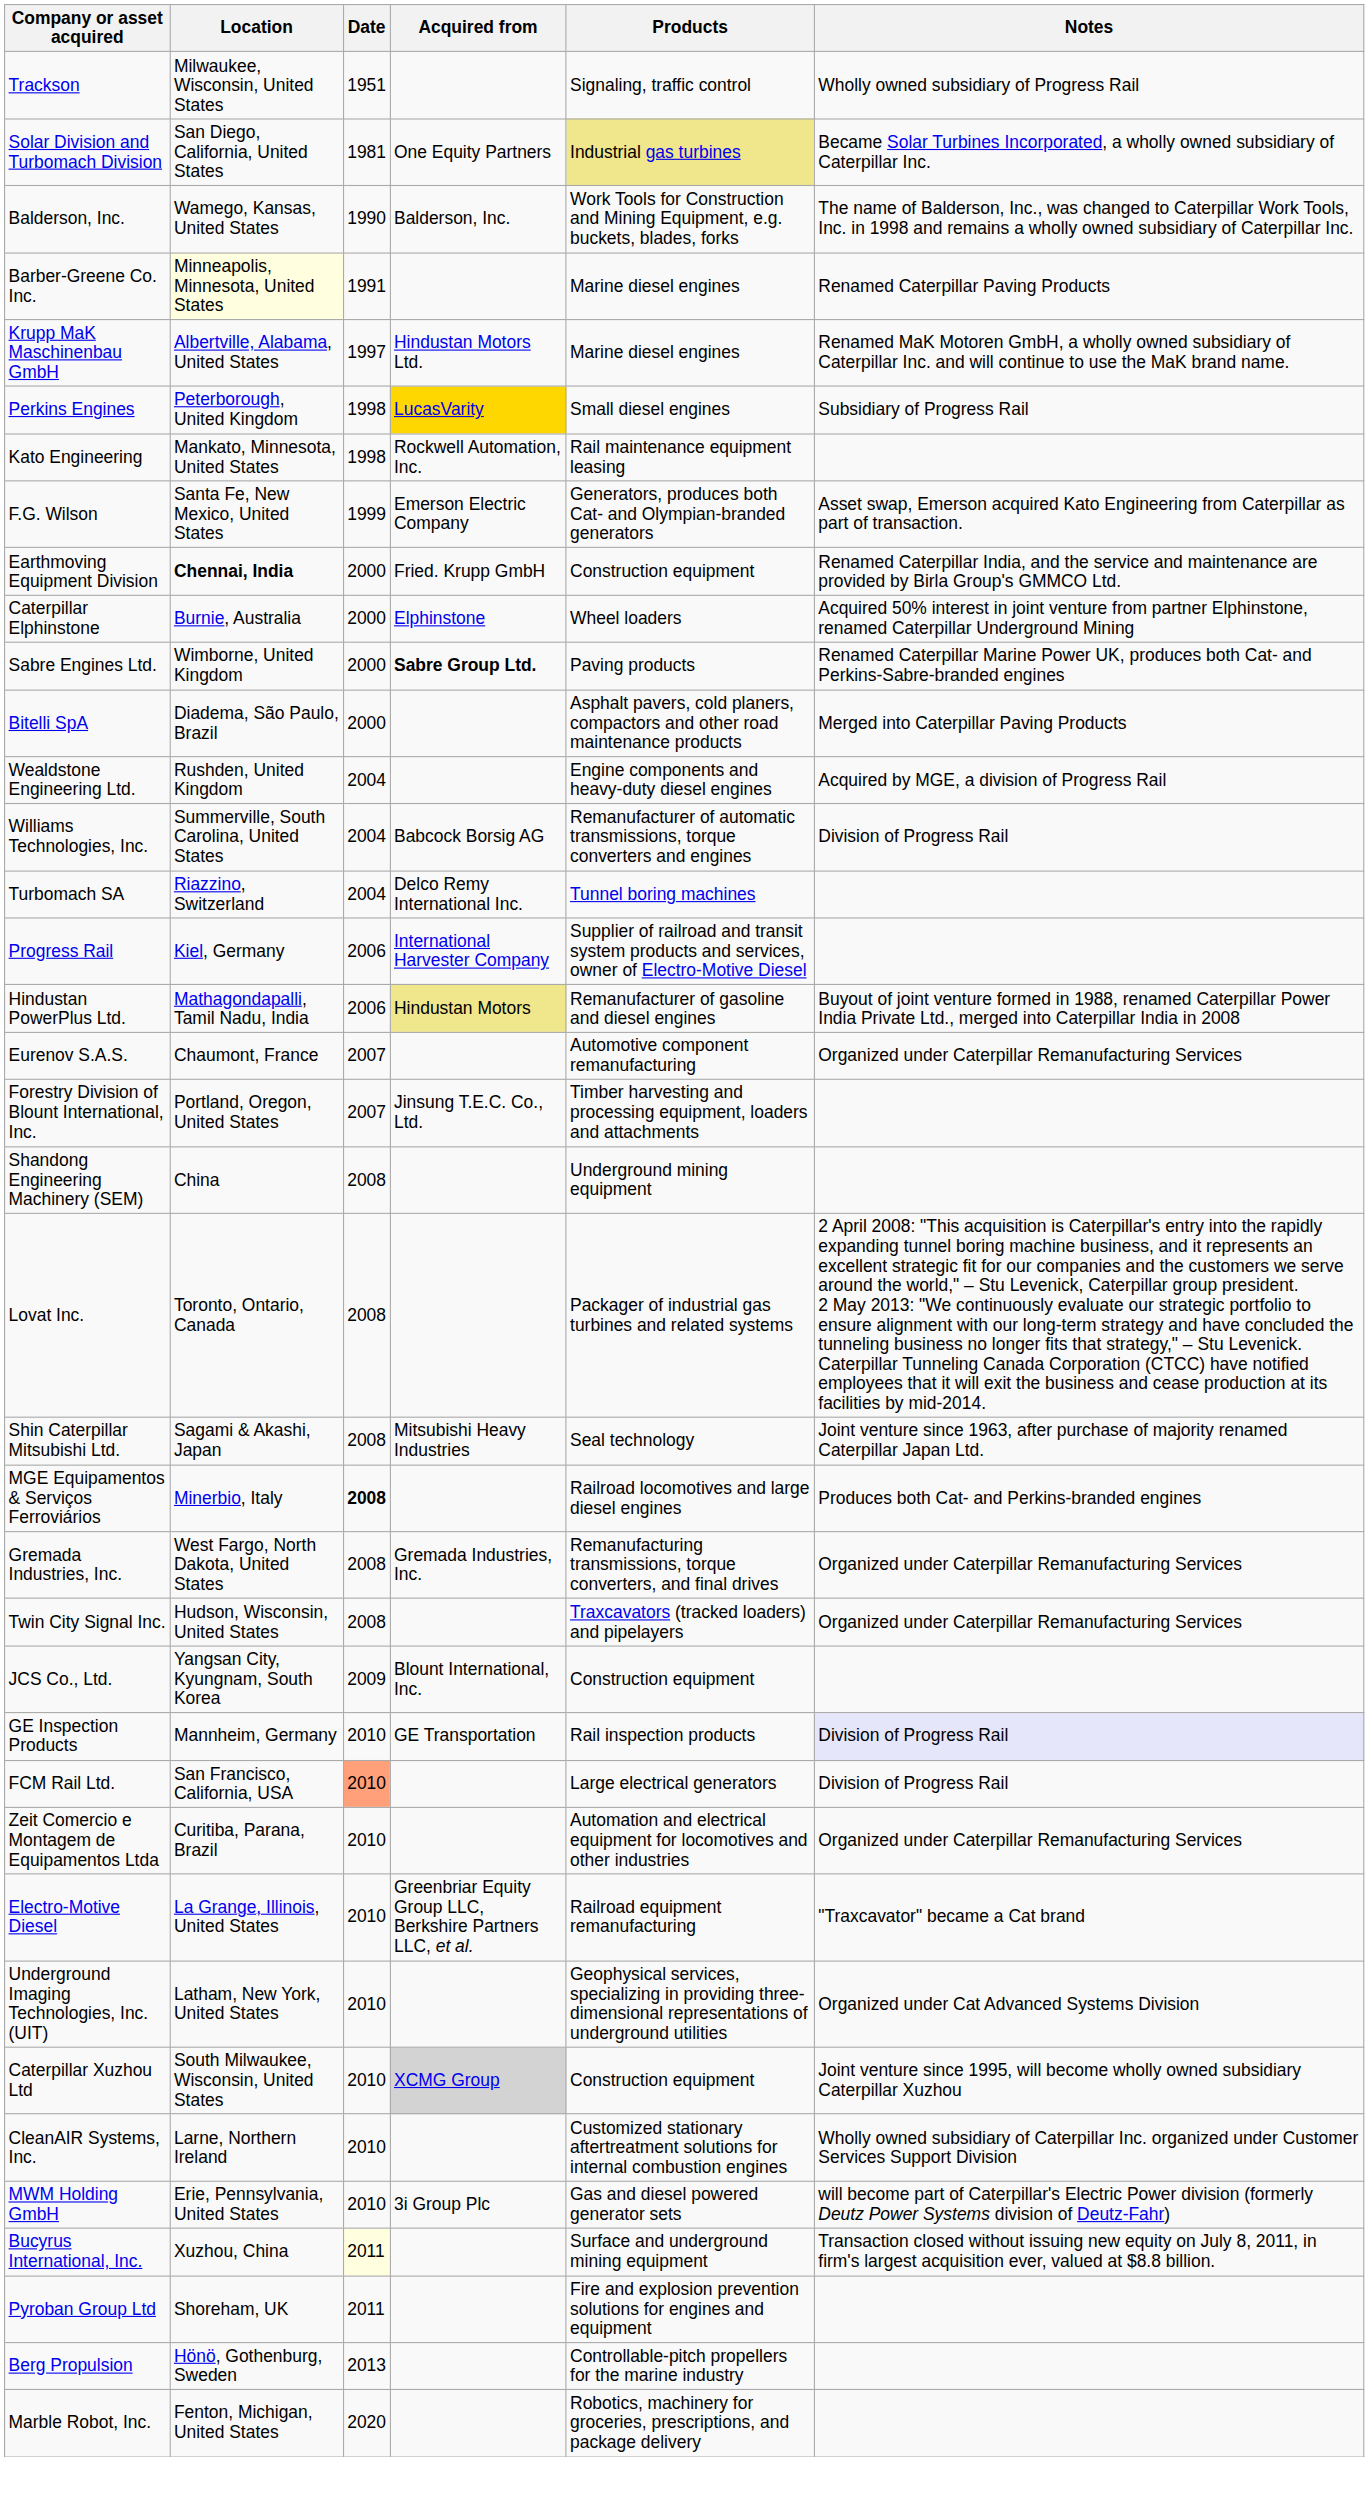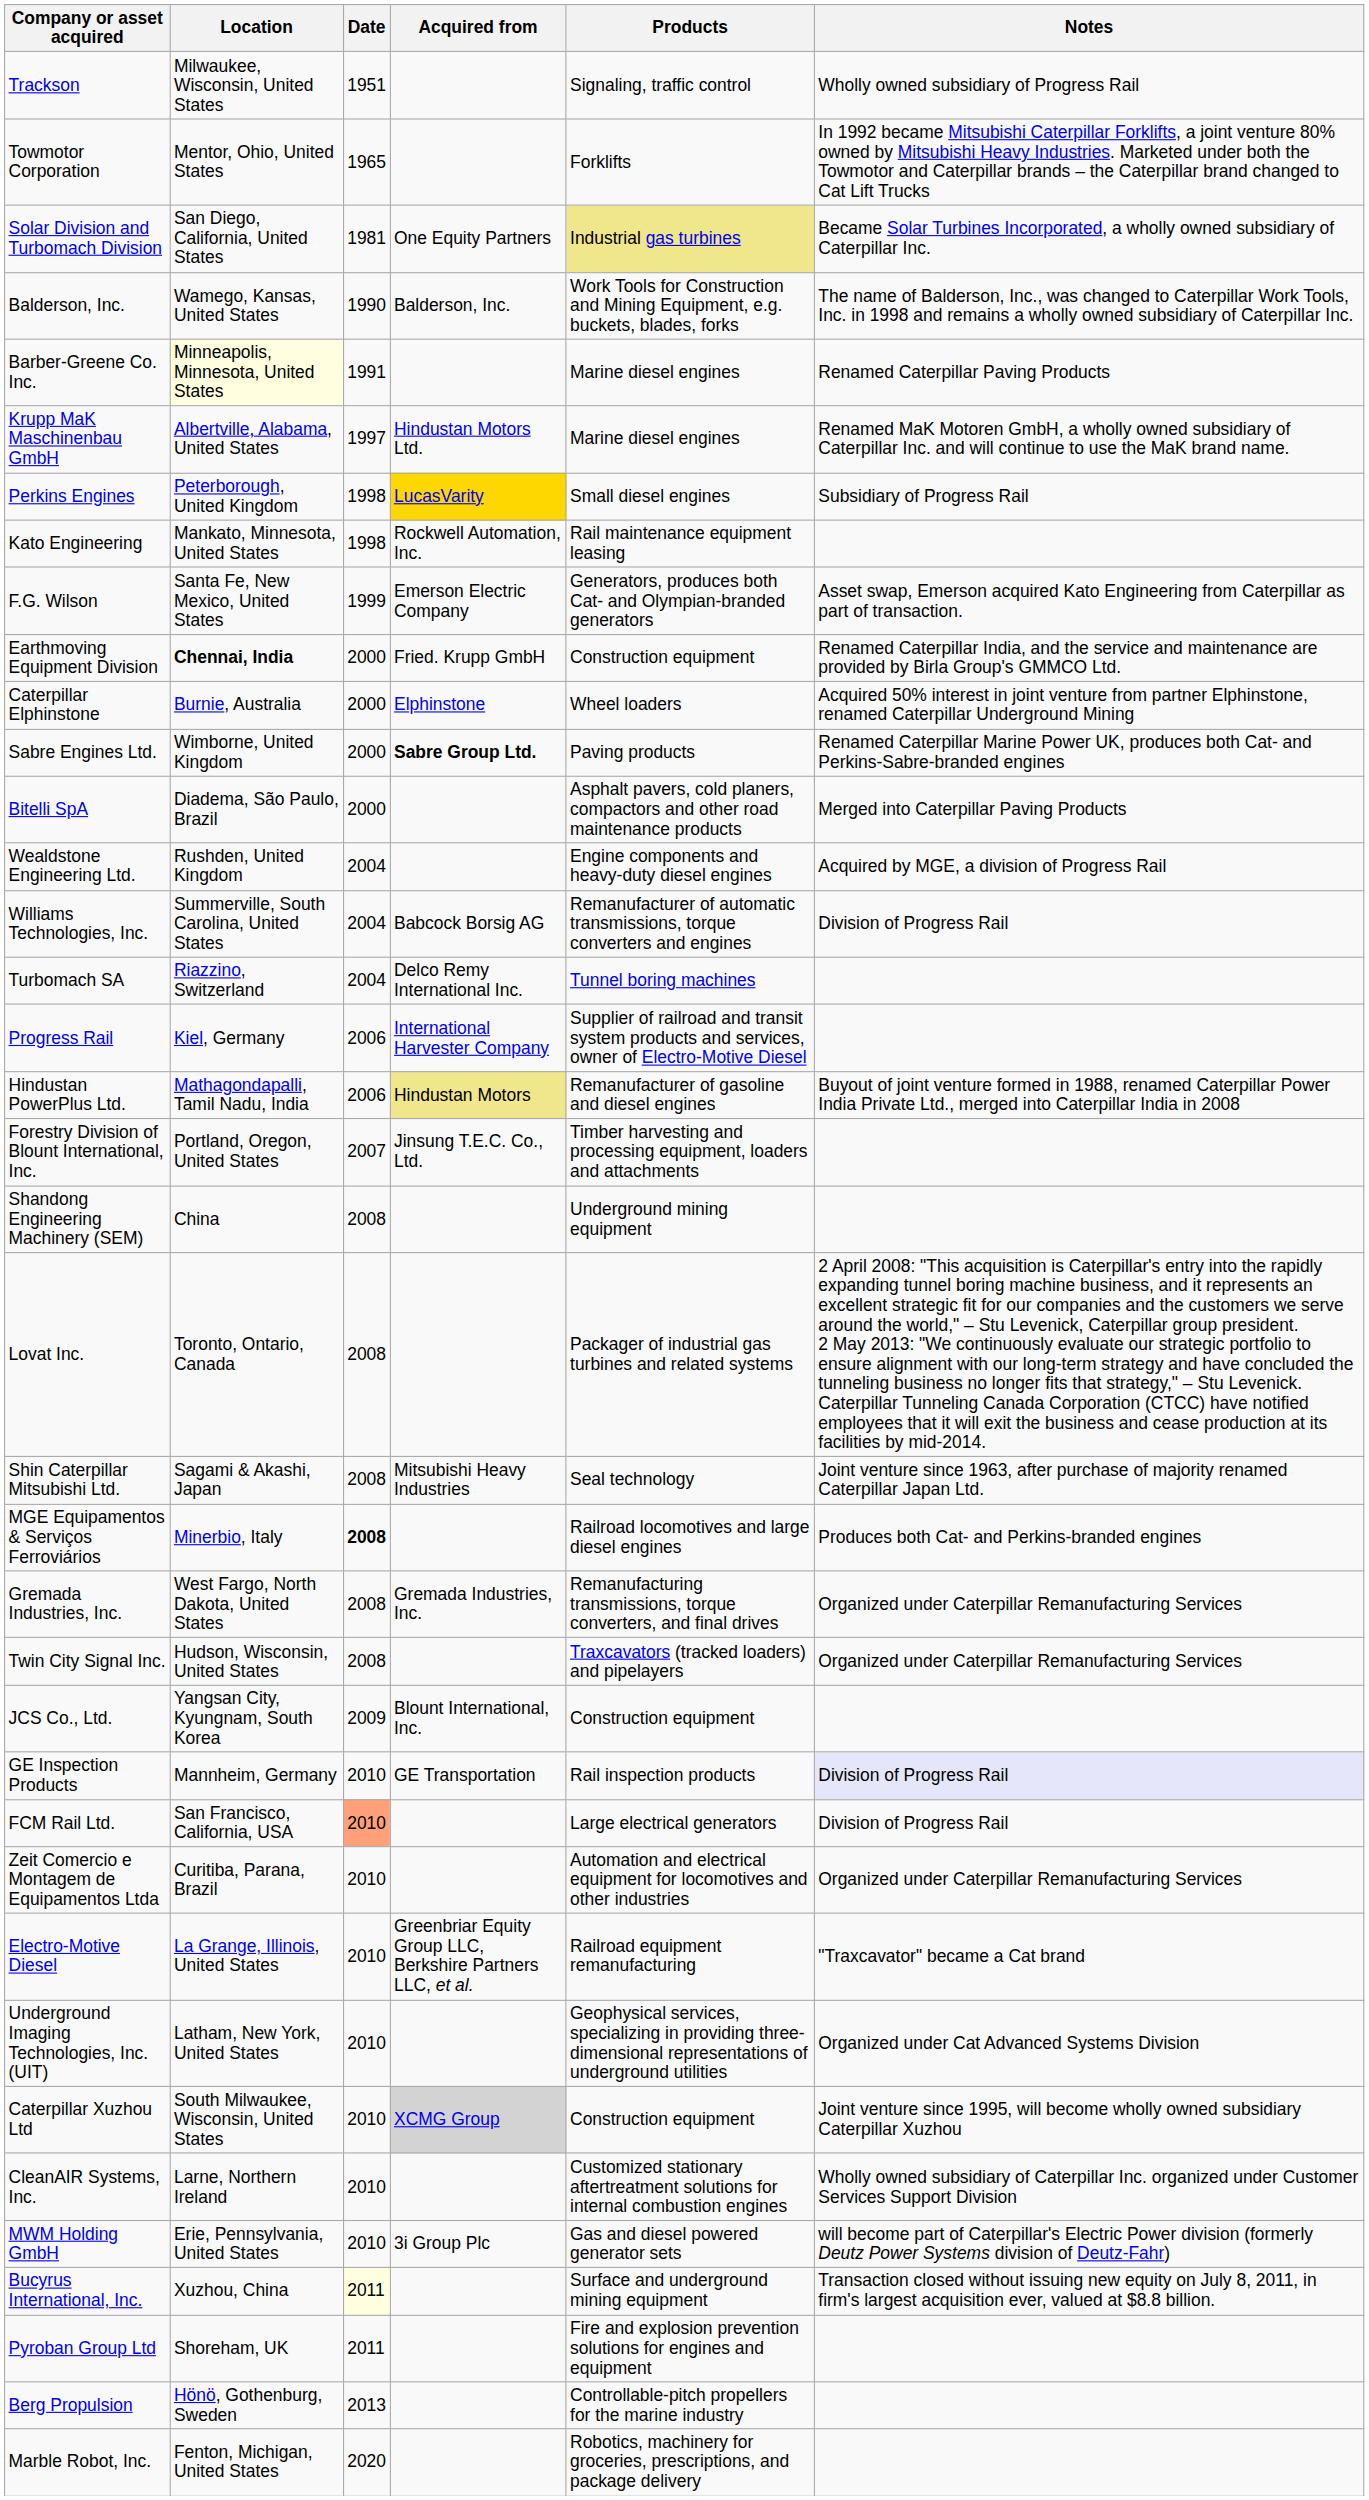 <table class="wikitable sortable">
 <tr>
 <th scope="col">Company or asset acquired</th>
 <th scope="col" class="unsortable">Location</th>
 <th scope="col">Date</th>
 <th scope="col">Acquired from</th>
 <th scope="col" class="unsortable">Products</th>
 <th scope="col" class="unsortable">Notes</th>
 </tr>
 <tr>
 <td><a href='#'>Trackson</a></td>
 <td>Milwaukee, Wisconsin, United States</td>
 <td>1951</td>
 <td></td>
 <td>Signaling, traffic control</td>
 <td>Wholly owned subsidiary of Progress Rail</td>
+</tr>
+<tr>
+<td>Towmotor Corporation</td>
+<td>Mentor, Ohio, United States</td>
+<td>1965</td>
+<td></td>
+<td>Forklifts</td>
+<td>In 1992 became <a href='#'>Mitsubishi Caterpillar Forklifts</a>, a joint venture 80% owned by <a href='#'>Mitsubishi Heavy Industries</a>. Marketed under both the Towmotor and Caterpillar brands – the Caterpillar brand changed to Cat Lift Trucks</td>
 </tr>
 <tr>
 <td><a href='#'>Solar Division and Turbomach Division</a></td>
 <td>San Diego, California, United States</td>
 <td>1981</td>
 <td>One Equity Partners</td>
 <td style="background: khaki;">Industrial <a href='#'>gas turbines</a></td>
 <td>Became <a href='#'>Solar Turbines Incorporated</a>, a wholly owned subsidiary of Caterpillar Inc.</td>
 </tr>
 <tr>
 <td>Balderson, Inc.</td>
 <td>Wamego, Kansas, United States</td>
 <td>1990</td>
 <td>Balderson, Inc.</td>
 <td>Work Tools for Construction and Mining Equipment, e.g. buckets, blades, forks</td>
 <td>The name of Balderson, Inc., was changed to Caterpillar Work Tools, Inc. in 1998 and remains a wholly owned subsidiary of Caterpillar Inc.</td>
 </tr>
 <tr>
 <td>Barber-Greene Co. Inc.</td>
 <td style="background: lightyellow;">Minneapolis, Minnesota, United States</td>
 <td>1991</td>
 <td></td>
 <td>Marine diesel engines</td>
 <td>Renamed Caterpillar Paving Products</td>
 </tr>
 <tr>
 <td><a href='#'>Krupp MaK Maschinenbau GmbH</a></td>
 <td><a href='#'>Albertville, Alabama</a>, United States</td>
 <td>1997</td>
 <td><a href='#'>Hindustan Motors</a> Ltd.</td>
 <td>Marine diesel engines</td>
 <td>Renamed MaK Motoren GmbH, a wholly owned subsidiary of Caterpillar Inc. and will continue to use the MaK brand name.</td>
 </tr>
 <tr>
 <td><a href='#'>Perkins Engines</a></td>
 <td><a href='#'>Peterborough</a>, United Kingdom</td>
 <td>1998</td>
 <td style="background: gold;"><a href='#'>LucasVarity</a></td>
 <td>Small diesel engines</td>
 <td>Subsidiary of Progress Rail</td>
 </tr>
 <tr>
 <td>Kato Engineering</td>
 <td>Mankato, Minnesota, United States</td>
 <td>1998</td>
 <td>Rockwell Automation, Inc.</td>
 <td>Rail maintenance equipment leasing</td>
 <td></td>
 </tr>
 <tr>
 <td>F.G. Wilson</td>
 <td>Santa Fe, New Mexico, United States</td>
 <td>1999</td>
 <td>Emerson Electric Company</td>
 <td>Generators, produces both Cat- and Olympian-branded generators</td>
 <td>Asset swap, Emerson acquired Kato Engineering from Caterpillar as part of transaction.</td>
 </tr>
 <tr>
 <td>Earthmoving Equipment Division</td>
 <td><strong>Chennai, India</strong></td>
 <td>2000</td>
 <td>Fried. Krupp GmbH</td>
 <td>Construction equipment</td>
 <td>Renamed Caterpillar India, and the service and maintenance are provided by Birla Group's GMMCO Ltd.</td>
 </tr>
 <tr>
 <td>Caterpillar Elphinstone</td>
 <td><a href='#'>Burnie</a>, Australia</td>
 <td>2000</td>
 <td><a href='#'>Elphinstone</a></td>
 <td>Wheel loaders</td>
 <td>Acquired 50% interest in joint venture from partner Elphinstone, renamed Caterpillar Underground Mining</td>
 </tr>
 <tr>
 <td>Sabre Engines Ltd.</td>
 <td>Wimborne, United Kingdom</td>
 <td>2000</td>
 <td><strong>Sabre Group Ltd.</strong></td>
 <td>Paving products</td>
 <td>Renamed Caterpillar Marine Power UK, produces both Cat- and Perkins-Sabre-branded engines</td>
 </tr>
 <tr>
 <td><a href='#'>Bitelli SpA</a></td>
 <td>Diadema, São Paulo, Brazil</td>
 <td>2000</td>
 <td></td>
 <td>Asphalt pavers, cold planers, compactors and other road maintenance products</td>
 <td>Merged into Caterpillar Paving Products</td>
 </tr>
 <tr>
 <td>Wealdstone Engineering Ltd.</td>
 <td>Rushden, United Kingdom</td>
 <td>2004</td>
 <td></td>
 <td>Engine components and heavy-duty diesel engines</td>
 <td>Acquired by MGE, a division of Progress Rail</td>
 </tr>
 <tr>
 <td>Williams Technologies, Inc.</td>
 <td>Summerville, South Carolina, United States</td>
 <td>2004</td>
 <td>Babcock Borsig AG</td>
 <td>Remanufacturer of automatic transmissions, torque converters and engines</td>
 <td>Division of Progress Rail</td>
 </tr>
 <tr>
 <td>Turbomach SA</td>
 <td><a href='#'>Riazzino</a>, Switzerland</td>
 <td>2004</td>
 <td>Delco Remy International Inc.</td>
 <td><a href='#'>Tunnel boring machines</a></td>
 <td></td>
 </tr>
 <tr>
 <td><a href='#'>Progress Rail</a></td>
 <td><a href='#'>Kiel</a>, Germany</td>
 <td>2006</td>
 <td><a href='#'>International Harvester Company</a></td>
 <td>Supplier of railroad and transit system products and services, owner of <a href='#'>Electro-Motive Diesel</a></td>
 <td></td>
 </tr>
 <tr>
 <td>Hindustan PowerPlus Ltd.</td>
 <td><a href='#'>Mathagondapalli</a>, Tamil Nadu, India</td>
 <td>2006</td>
 <td style="background: khaki;">Hindustan Motors</td>
 <td>Remanufacturer of gasoline and diesel engines</td>
 <td>Buyout of joint venture formed in 1988, renamed Caterpillar Power India Private Ltd., merged into Caterpillar India in 2008</td>
-</tr>
-<tr>
-<td>Eurenov S.A.S.</td>
-<td>Chaumont, France</td>
-<td>2007</td>
-<td></td>
-<td>Automotive component remanufacturing</td>
-<td>Organized under Caterpillar Remanufacturing Services</td>
 </tr>
 <tr>
 <td>Forestry Division of Blount International, Inc.</td>
 <td>Portland, Oregon, United States</td>
 <td>2007</td>
 <td>Jinsung T.E.C. Co., Ltd.</td>
 <td>Timber harvesting and processing equipment, loaders and attachments</td>
 <td></td>
 </tr>
 <tr>
 <td>Shandong Engineering Machinery (SEM)</td>
 <td>China</td>
 <td>2008</td>
 <td></td>
 <td>Underground mining equipment</td>
 <td></td>
 </tr>
 <tr>
 <td>Lovat Inc.</td>
 <td>Toronto, Ontario, Canada</td>
 <td>2008</td>
 <td></td>
 <td>Packager of industrial gas turbines and related systems</td>
 <td>2 April 2008: "This acquisition is Caterpillar's entry into the rapidly expanding tunnel boring machine business, and it represents an excellent strategic fit for our companies and the customers we serve around the world," – Stu Levenick, Caterpillar group president.<br>2 May 2013: "We continuously evaluate our strategic portfolio to ensure alignment with our long-term strategy and have concluded the tunneling business no longer fits that strategy," – Stu Levenick. Caterpillar Tunneling Canada Corporation (CTCC) have notified employees that it will exit the business and cease production at its facilities by mid-2014.</td>
 </tr>
 <tr>
 <td>Shin Caterpillar Mitsubishi Ltd.</td>
 <td>Sagami & Akashi, Japan</td>
 <td>2008</td>
 <td>Mitsubishi Heavy Industries</td>
 <td>Seal technology</td>
 <td>Joint venture since 1963, after purchase of majority renamed Caterpillar Japan Ltd.</td>
 </tr>
 <tr>
 <td>MGE Equipamentos & Serviços Ferroviários</td>
 <td><a href='#'>Minerbio</a>, Italy</td>
 <td><strong>2008</strong></td>
 <td></td>
 <td>Railroad locomotives and large diesel engines</td>
 <td>Produces both Cat- and Perkins-branded engines</td>
 </tr>
 <tr>
 <td>Gremada Industries, Inc.</td>
 <td>West Fargo, North Dakota, United States</td>
 <td>2008</td>
 <td>Gremada Industries, Inc.</td>
 <td>Remanufacturing transmissions, torque converters, and final drives</td>
 <td>Organized under Caterpillar Remanufacturing Services</td>
 </tr>
 <tr>
 <td>Twin City Signal Inc.</td>
 <td>Hudson, Wisconsin, United States</td>
 <td>2008</td>
 <td></td>
 <td><a href='#'>Traxcavators</a> (tracked loaders) and pipelayers</td>
 <td>Organized under Caterpillar Remanufacturing Services</td>
 </tr>
 <tr>
 <td>JCS Co., Ltd.</td>
 <td>Yangsan City, Kyungnam, South Korea</td>
 <td>2009</td>
 <td>Blount International, Inc.</td>
 <td>Construction equipment</td>
 <td></td>
 </tr>
 <tr>
 <td>GE Inspection Products</td>
 <td>Mannheim, Germany</td>
 <td>2010</td>
 <td>GE Transportation</td>
 <td>Rail inspection products</td>
 <td style="background: lavender;">Division of Progress Rail</td>
 </tr>
 <tr>
 <td>FCM Rail Ltd.</td>
 <td>San Francisco, California, USA</td>
 <td style="background: lightsalmon;">2010</td>
 <td></td>
 <td>Large electrical generators</td>
 <td>Division of Progress Rail</td>
 </tr>
 <tr>
 <td>Zeit Comercio e Montagem de Equipamentos Ltda</td>
 <td>Curitiba, Parana, Brazil</td>
 <td>2010</td>
 <td></td>
 <td>Automation and electrical equipment for locomotives and other industries</td>
 <td>Organized under Caterpillar Remanufacturing Services</td>
 </tr>
 <tr>
 <td><a href='#'>Electro-Motive Diesel</a></td>
 <td><a href='#'>La Grange, Illinois</a>, United States</td>
 <td>2010</td>
 <td>Greenbriar Equity Group LLC, Berkshire Partners LLC, <em>et al.</em></td>
 <td>Railroad equipment remanufacturing</td>
 <td>"Traxcavator" became a Cat brand</td>
 </tr>
 <tr>
 <td>Underground Imaging Technologies, Inc. (UIT)</td>
 <td>Latham, New York, United States</td>
 <td>2010</td>
 <td></td>
 <td>Geophysical services, specializing in providing three-dimensional representations of underground utilities</td>
 <td>Organized under Cat Advanced Systems Division</td>
 </tr>
 <tr>
 <td>Caterpillar Xuzhou Ltd</td>
 <td>South Milwaukee, Wisconsin, United States</td>
 <td>2010</td>
 <td style="background: lightgrey;"><a href='#'>XCMG Group</a></td>
 <td>Construction equipment</td>
 <td>Joint venture since 1995, will become wholly owned subsidiary Caterpillar Xuzhou</td>
 </tr>
 <tr>
 <td>CleanAIR Systems, Inc.</td>
 <td>Larne, Northern Ireland</td>
 <td>2010</td>
 <td></td>
 <td>Customized stationary aftertreatment solutions for internal combustion engines</td>
 <td>Wholly owned subsidiary of Caterpillar Inc. organized under Customer Services Support Division</td>
 </tr>
 <tr>
 <td><a href='#'>MWM Holding GmbH</a></td>
 <td>Erie, Pennsylvania, United States</td>
 <td>2010</td>
 <td>3i Group Plc</td>
 <td>Gas and diesel powered generator sets</td>
 <td>will become part of Caterpillar's Electric Power division (formerly <em>Deutz Power Systems</em> division of <a href='#'>Deutz-Fahr</a>)</td>
 </tr>
 <tr>
 <td><a href='#'>Bucyrus International, Inc.</a></td>
 <td>Xuzhou, China</td>
 <td style="background: lightyellow;">2011</td>
 <td></td>
 <td>Surface and underground mining equipment</td>
 <td>Transaction closed without issuing new equity on July 8, 2011, in firm's largest acquisition ever, valued at $8.8 billion.</td>
 </tr>
 <tr>
 <td><a href='#'>Pyroban Group Ltd</a></td>
 <td>Shoreham, UK</td>
 <td>2011</td>
 <td></td>
 <td>Fire and explosion prevention solutions for engines and equipment</td>
 <td></td>
 </tr>
 <tr>
 <td><a href='#'>Berg Propulsion</a></td>
 <td><a href='#'>Hönö</a>, Gothenburg, Sweden</td>
 <td>2013</td>
 <td></td>
 <td>Controllable-pitch propellers for the marine industry</td>
 <td></td>
 </tr>
 <tr>
 <td>Marble Robot, Inc.</td>
 <td>Fenton, Michigan, United States</td>
 <td>2020</td>
 <td></td>
 <td>Robotics, machinery for groceries, prescriptions, and package delivery</td>
 <td></td>
 </tr>
 </table>
